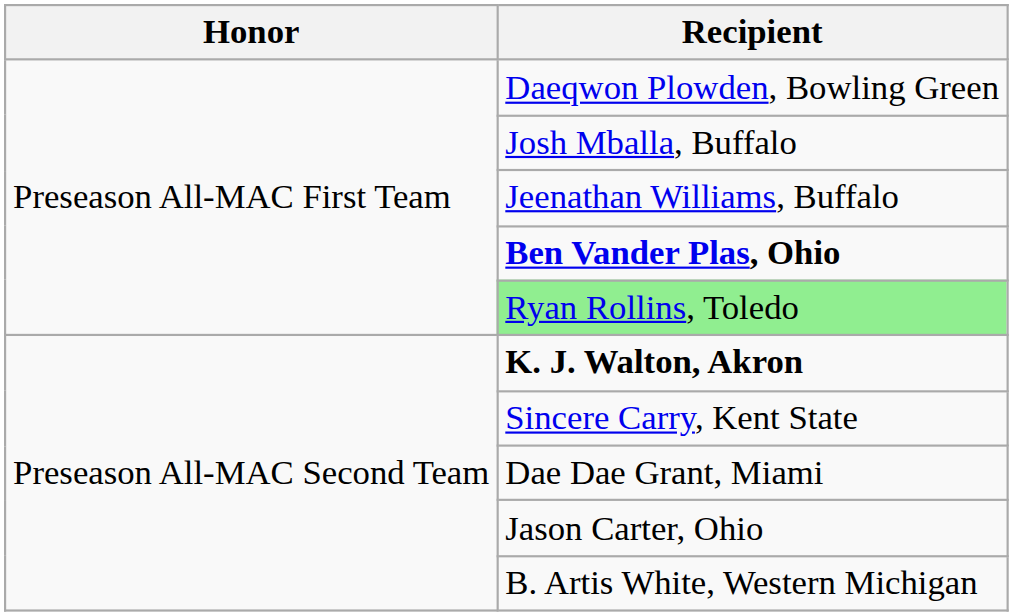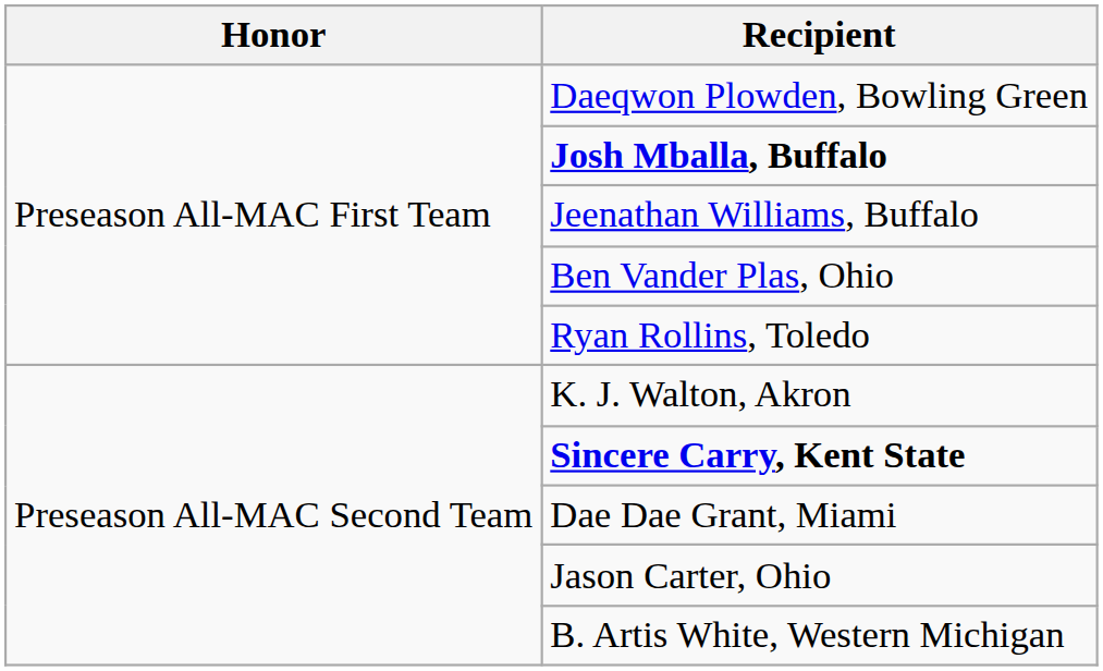 <table class="wikitable" border="1">
 <tr>
 <th>Honor</th>
 <th>Recipient</th>
 </tr>
 <tr>
 <td rowspan=5 valign=middle>Preseason All-MAC First Team</td>
 <td><a href='#'>Daeqwon Plowden</a>, Bowling Green</td>
 </tr>
 <tr>
-<td><a href='#'>Josh Mballa</a>, Buffalo</td>
+<td><strong><a href='#'>Josh Mballa</a>, Buffalo</strong></td>
 </tr>
 <tr>
 <td><a href='#'>Jeenathan Williams</a>, Buffalo</td>
 </tr>
 <tr>
-<td><strong><a href='#'>Ben Vander Plas</a>, Ohio</strong></td>
+<td><a href='#'>Ben Vander Plas</a>, Ohio</td>
 </tr>
 <tr>
-<td style="background: lightgreen;"><a href='#'>Ryan Rollins</a>, Toledo</td>
+<td><a href='#'>Ryan Rollins</a>, Toledo</td>
 </tr>
 <tr>
 <td rowspan=6 valign=middle>Preseason All-MAC Second Team</td>
-<td><strong>K. J. Walton, Akron</strong></td>
+<td>K. J. Walton, Akron</td>
 </tr>
 <tr>
-<td><a href='#'>Sincere Carry</a>, Kent State</td>
+<td><strong><a href='#'>Sincere Carry</a>, Kent State</strong></td>
 </tr>
 <tr>
 <td>Dae Dae Grant, Miami</td>
 </tr>
 <tr>
 <td>Jason Carter, Ohio</td>
 </tr>
 <tr>
 <td>B. Artis White, Western Michigan</td>
 </tr>
 </table>
